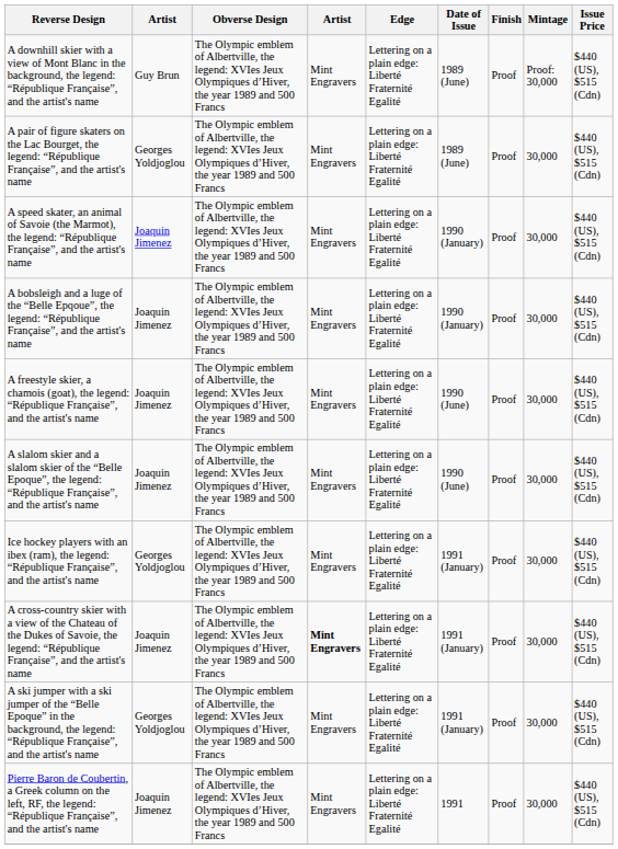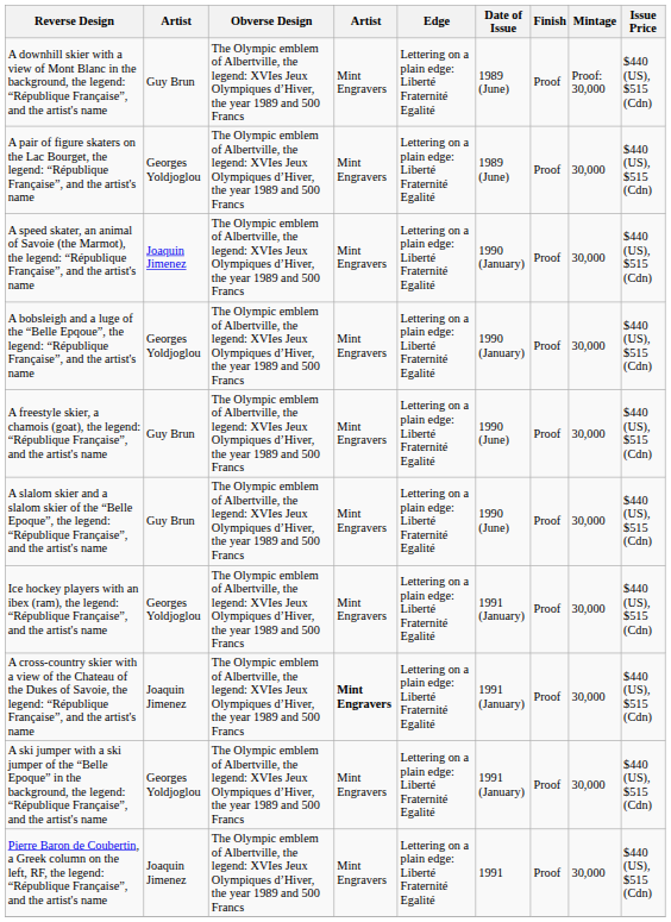 <table class="wikitable">
 <tr>
 <th>Reverse Design</th>
 <th>Artist</th>
 <th>Obverse Design</th>
 <th>Artist</th>
 <th>Edge</th>
 <th>Date of Issue</th>
 <th>Finish</th>
 <th>Mintage</th>
 <th>Issue Price</th>
 </tr>
 <tr>
 <td>A downhill skier with a view of Mont Blanc in the background, the legend: “République Française”, and the artist's name</td>
 <td>Guy Brun</td>
 <td>The Olympic emblem of Albertville, the legend: XVIes Jeux Olympiques d’Hiver, the year 1989 and 500 Francs</td>
 <td>Mint Engravers</td>
 <td>Lettering on a plain edge: Liberté Fraternité Egalité</td>
 <td>1989 (June)</td>
 <td>Proof</td>
 <td>Proof: 30,000</td>
 <td>$440 (US), $515 (Cdn)</td>
 </tr>
 <tr>
 <td>A pair of figure skaters on the Lac Bourget, the legend: “République Française”, and the artist's name</td>
 <td>Georges Yoldjoglou</td>
 <td>The Olympic emblem of Albertville, the legend: XVIes Jeux Olympiques d’Hiver, the year 1989 and 500 Francs</td>
 <td>Mint Engravers</td>
 <td>Lettering on a plain edge: Liberté Fraternité Egalité</td>
 <td>1989 (June)</td>
 <td>Proof</td>
 <td>30,000</td>
 <td>$440 (US), $515 (Cdn)</td>
 </tr>
 <tr>
 <td>A speed skater, an animal of Savoie (the Marmot), the legend: “République Française”, and the artist's name</td>
 <td><a href='#'>Joaquin Jimenez</a></td>
 <td>The Olympic emblem of Albertville, the legend: XVIes Jeux Olympiques d’Hiver, the year 1989 and 500 Francs</td>
 <td>Mint Engravers</td>
 <td>Lettering on a plain edge: Liberté Fraternité Egalité</td>
 <td>1990 (January)</td>
 <td>Proof</td>
 <td>30,000</td>
 <td>$440 (US), $515 (Cdn)</td>
 </tr>
 <tr>
 <td>A bobsleigh and a luge of the “Belle Epqoue”, the legend: “République Française”, and the artist's name</td>
-<td>Joaquin Jimenez</td>
+<td>Georges Yoldjoglou</td>
 <td>The Olympic emblem of Albertville, the legend: XVIes Jeux Olympiques d’Hiver, the year 1989 and 500 Francs</td>
 <td>Mint Engravers</td>
 <td>Lettering on a plain edge: Liberté Fraternité Egalité</td>
 <td>1990 (January)</td>
 <td>Proof</td>
 <td>30,000</td>
 <td>$440 (US), $515 (Cdn)</td>
 </tr>
 <tr>
 <td>A freestyle skier, a chamois (goat), the legend: “République Française”, and the artist's name</td>
-<td>Joaquin Jimenez</td>
+<td>Guy Brun</td>
 <td>The Olympic emblem of Albertville, the legend: XVIes Jeux Olympiques d’Hiver, the year 1989 and 500 Francs</td>
 <td>Mint Engravers</td>
 <td>Lettering on a plain edge: Liberté Fraternité Egalité</td>
 <td>1990 (June)</td>
 <td>Proof</td>
 <td>30,000</td>
 <td>$440 (US), $515 (Cdn)</td>
 </tr>
 <tr>
 <td>A slalom skier and a slalom skier of the “Belle Epoque”, the legend: “République Française”, and the artist's name</td>
-<td>Joaquin Jimenez</td>
+<td>Guy Brun</td>
 <td>The Olympic emblem of Albertville, the legend: XVIes Jeux Olympiques d’Hiver, the year 1989 and 500 Francs</td>
 <td>Mint Engravers</td>
 <td>Lettering on a plain edge: Liberté Fraternité Egalité</td>
 <td>1990 (June)</td>
 <td>Proof</td>
 <td>30,000</td>
 <td>$440 (US), $515 (Cdn)</td>
 </tr>
 <tr>
 <td>Ice hockey players with an ibex (ram), the legend: “République Française”, and the artist's name</td>
 <td>Georges Yoldjoglou</td>
 <td>The Olympic emblem of Albertville, the legend: XVIes Jeux Olympiques d’Hiver, the year 1989 and 500 Francs</td>
 <td>Mint Engravers</td>
 <td>Lettering on a plain edge: Liberté Fraternité Egalité</td>
 <td>1991 (January)</td>
 <td>Proof</td>
 <td>30,000</td>
 <td>$440 (US), $515 (Cdn)</td>
 </tr>
 <tr>
 <td>A cross-country skier with a view of the Chateau of the Dukes of Savoie, the legend: “République Française”, and the artist's name</td>
 <td>Joaquin Jimenez</td>
 <td>The Olympic emblem of Albertville, the legend: XVIes Jeux Olympiques d’Hiver, the year 1989 and 500 Francs</td>
 <td><strong>Mint Engravers</strong></td>
 <td>Lettering on a plain edge: Liberté Fraternité Egalité</td>
 <td>1991 (January)</td>
 <td>Proof</td>
 <td>30,000</td>
 <td>$440 (US), $515 (Cdn)</td>
 </tr>
 <tr>
 <td>A ski jumper with a ski jumper of the “Belle Epoque” in the background, the legend: “République Française”, and the artist's name</td>
 <td>Georges Yoldjoglou</td>
 <td>The Olympic emblem of Albertville, the legend: XVIes Jeux Olympiques d’Hiver, the year 1989 and 500 Francs</td>
 <td>Mint Engravers</td>
 <td>Lettering on a plain edge: Liberté Fraternité Egalité</td>
 <td>1991 (January)</td>
 <td>Proof</td>
 <td>30,000</td>
 <td>$440 (US), $515 (Cdn)</td>
 </tr>
 <tr>
 <td><a href='#'>Pierre Baron de Coubertin</a>, a Greek column on the left, RF, the legend: “République Française”, and the artist's name</td>
 <td>Joaquin Jimenez</td>
 <td>The Olympic emblem of Albertville, the legend: XVIes Jeux Olympiques d’Hiver, the year 1989 and 500 Francs</td>
 <td>Mint Engravers</td>
 <td>Lettering on a plain edge: Liberté Fraternité Egalité</td>
 <td>1991</td>
 <td>Proof</td>
 <td>30,000</td>
 <td>$440 (US), $515 (Cdn)</td>
 </tr>
 <tr>
 </tr>
 </table>
